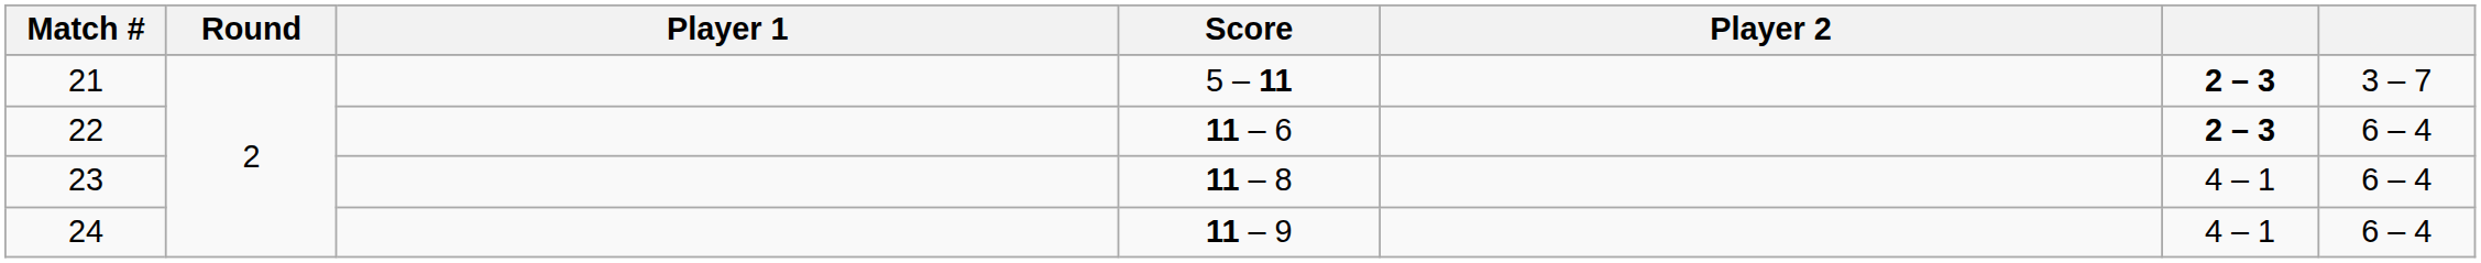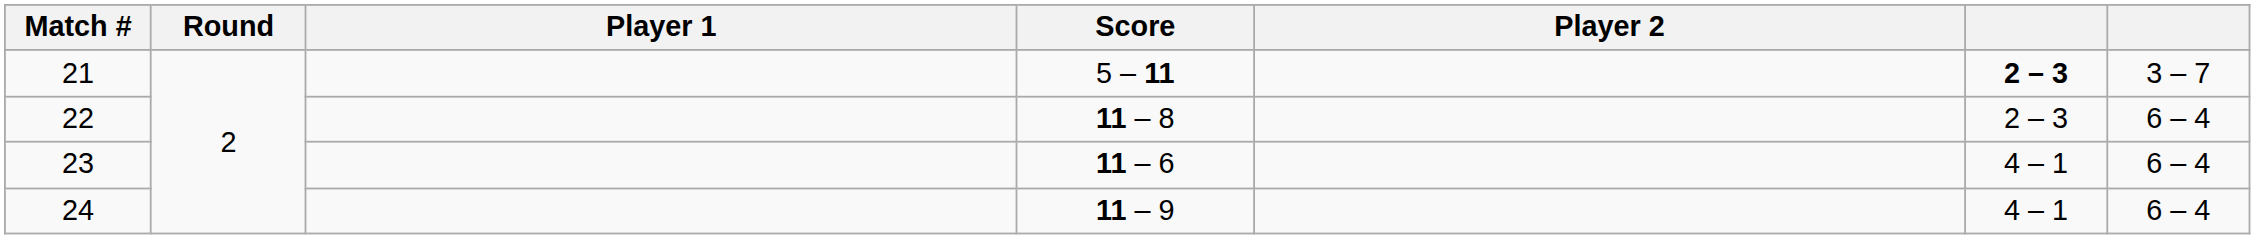 <table class="wikitable">
 <tr>
 <th width="2%">Match #</th>
 <th width="2%">Round</th>
 <th width="15%">Player 1</th>
 <th width="5%">Score</th>
 <th width="15%">Player 2</th>
 <th width="3%"></th>
 <th width="3%"></th>
 </tr>
 <tr style=text-align:center;"background:#;">
 <td>21</td>
 <td rowspan=4>2</td>
 <td></td>
 <td>5 – <strong>11</strong></td>
 <td></td>
 <td><strong>2 – 3</strong></td>
 <td>3 – 7</td>
 </tr>
 <tr style=text-align:center;"background:#;">
 <td>22</td>
 <td></td>
-<td><strong>11</strong> – 6</td>
+<td><strong>11</strong> – 8</td>
 <td></td>
-<td><strong>2 – 3</strong></td>
+<td>2 – 3</td>
 <td>6 – 4</td>
 </tr>
 <tr style=text-align:center;"background:#;">
 <td>23</td>
 <td></td>
-<td><strong>11</strong> – 8</td>
+<td><strong>11</strong> – 6</td>
 <td></td>
 <td>4 – 1</td>
 <td>6 – 4</td>
 </tr>
 <tr style=text-align:center;"background:#;">
 <td>24</td>
 <td></td>
 <td><strong>11</strong> – 9</td>
 <td></td>
 <td>4 – 1</td>
 <td>6 – 4</td>
 </tr>
 </table>
